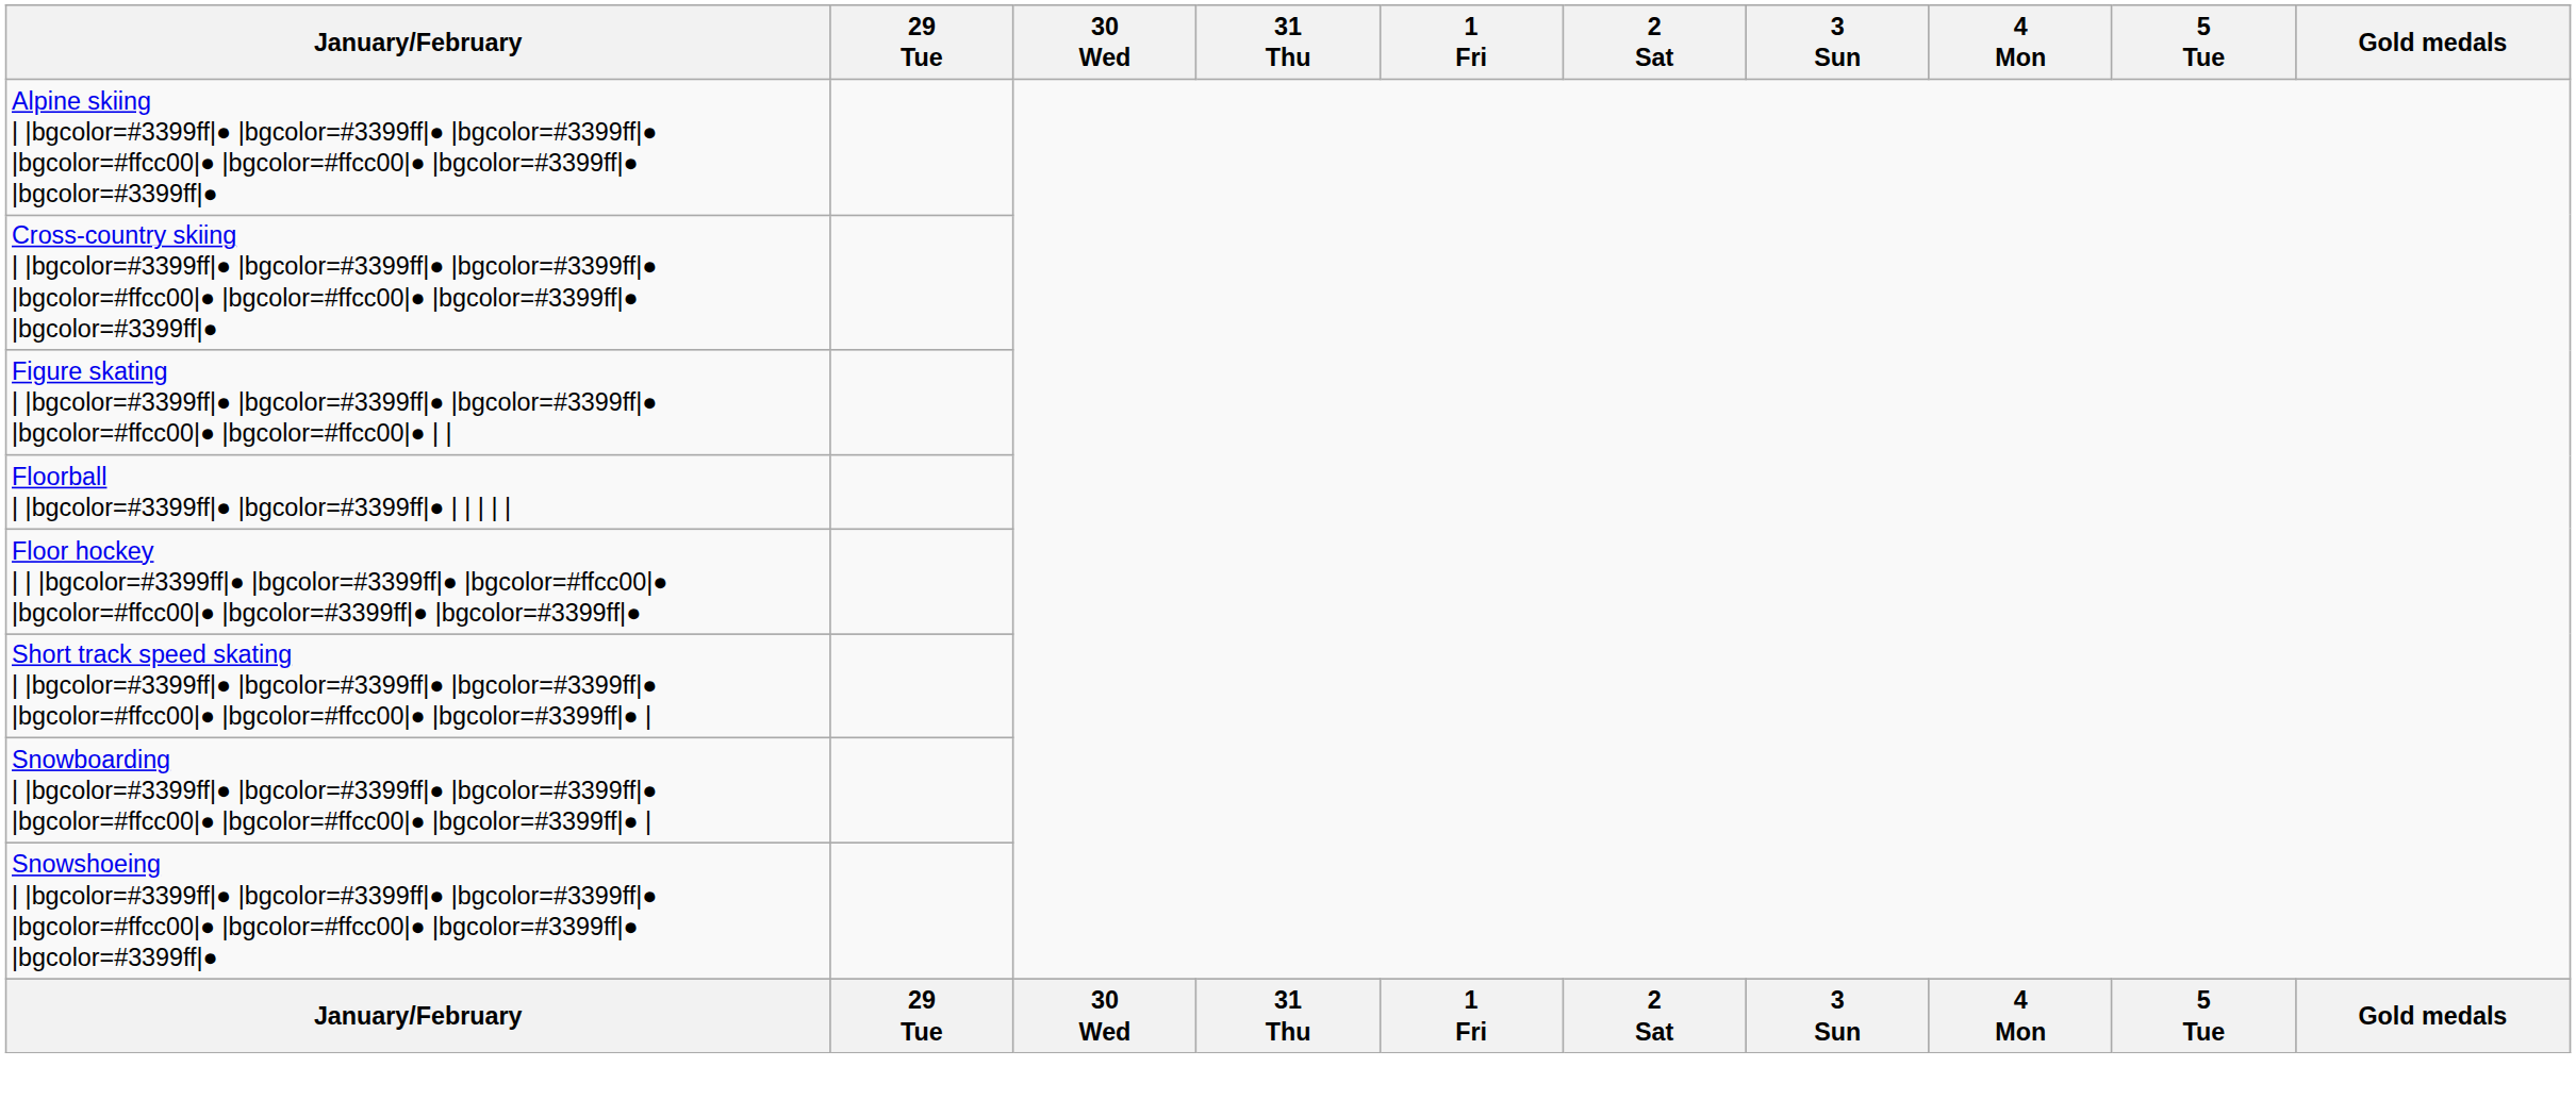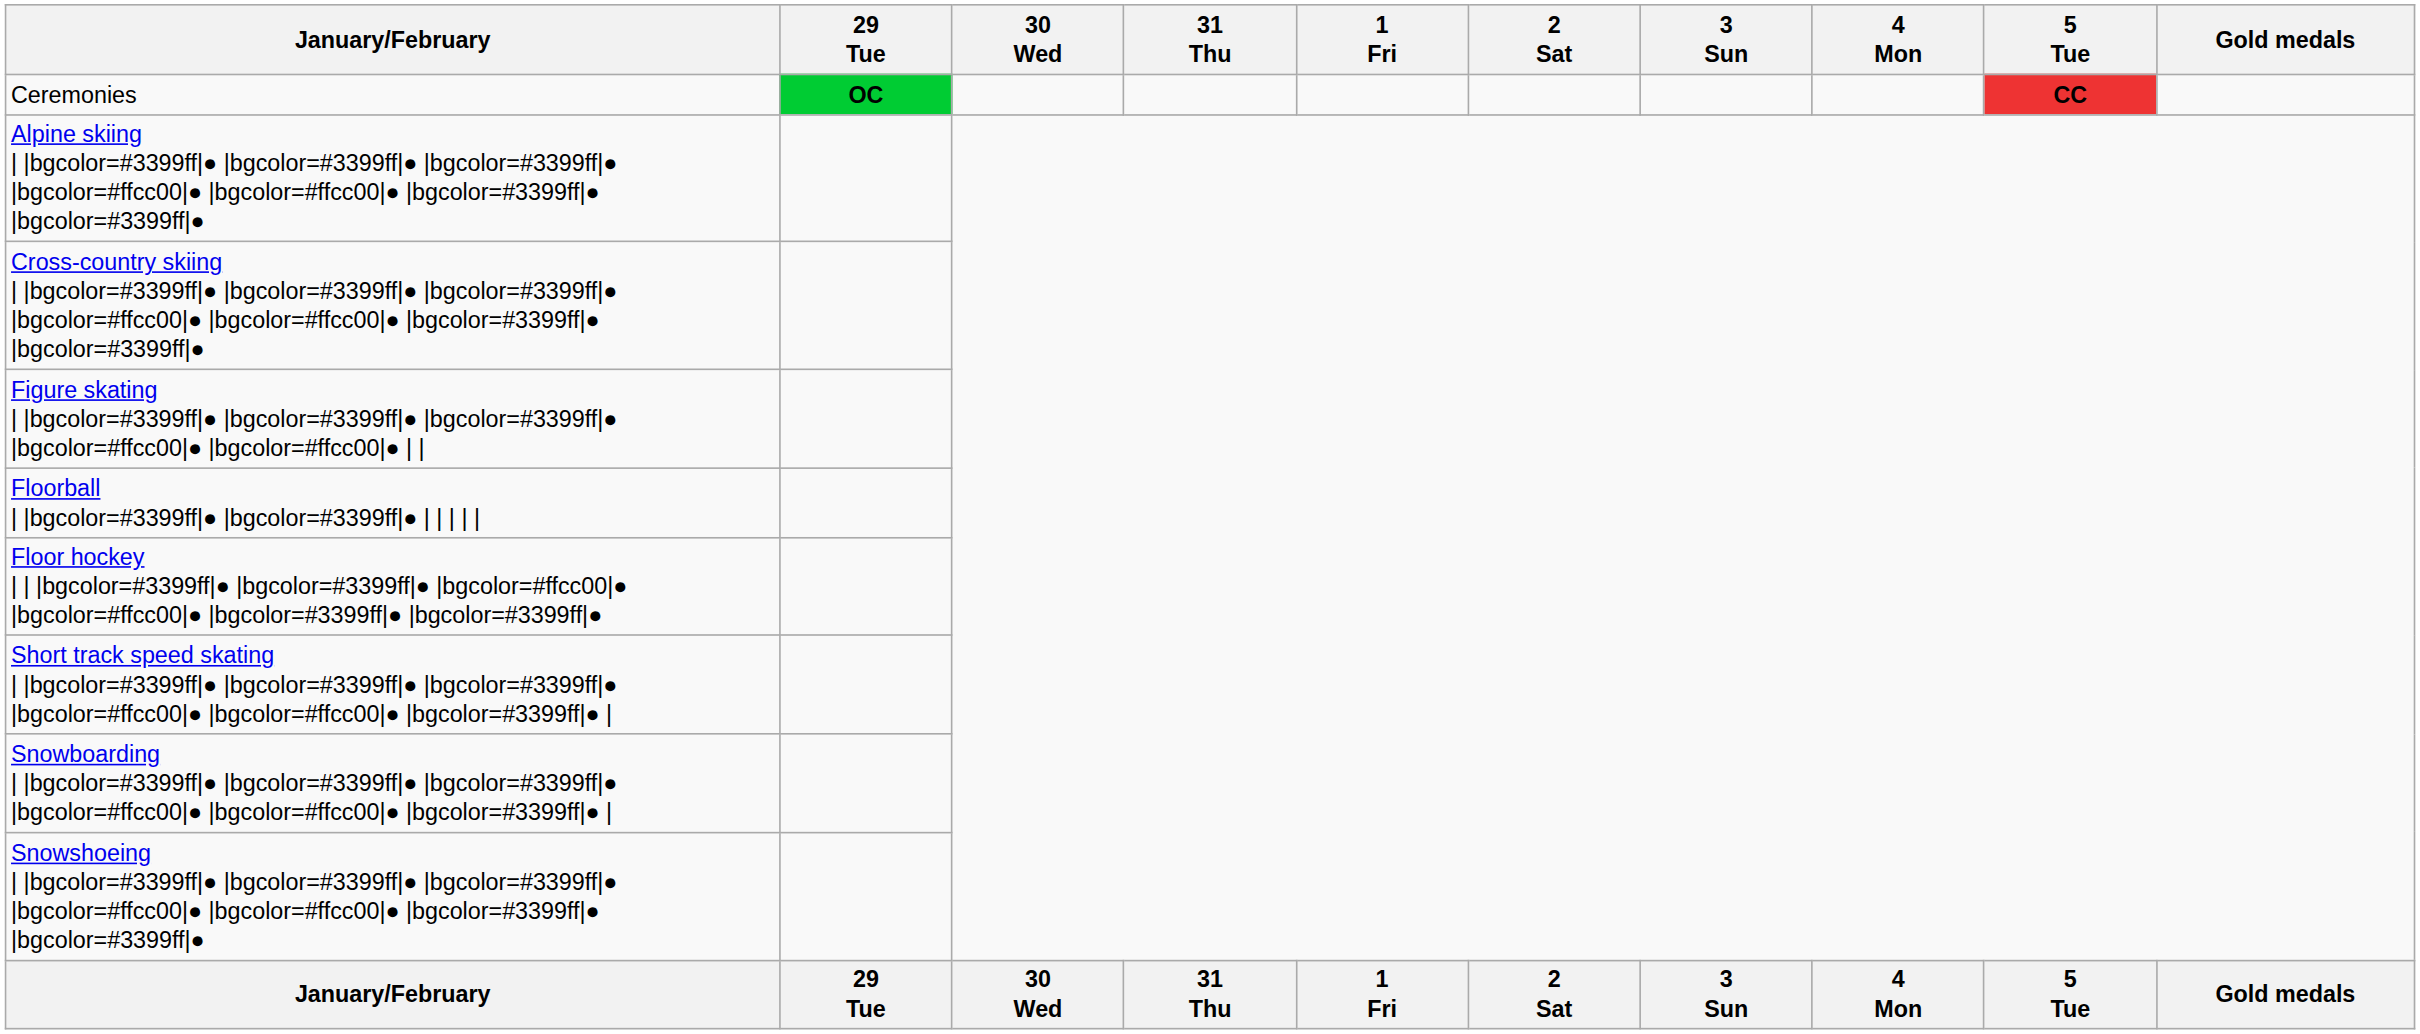 <table class="wikitable" style="margin:0.5em auto; font-size:90%; line-height:1.25em;width:75%;">
 <tr>
 <th style="width:18%;">January/February</th>
 <th style="width:4%;">29<br>Tue</th>
 <th style="width:4%;">30<br>Wed</th>
 <th style="width:4%;">31<br>Thu</th>
 <th style="width:4%;">1<br>Fri</th>
 <th style="width:4%;">2<br>Sat</th>
 <th style="width:4%;">3<br>Sun</th>
 <th style="width:4%;">4<br>Mon</th>
 <th style="width:4%;">5<br>Tue</th>
 <th style="width:6%;">Gold medals</th>
+</tr>
+<tr>
+<td align="left"> Ceremonies</td>
+<td style="background:#0c3; text-align:center;"><strong>OC</strong></td>
+<td></td>
+<td></td>
+<td></td>
+<td></td>
+<td></td>
+<td></td>
+<td style="background:#e33; text-align:center;"><strong>CC</strong></td>
+<td></td>
 </tr>
 <tr style="text-align:center;">
 <td align="left"><a href='#'>Alpine skiing</a><br>| |bgcolor=#3399ff|● |bgcolor=#3399ff|● |bgcolor=#3399ff|● |bgcolor=#ffcc00|● |bgcolor=#ffcc00|● |bgcolor=#3399ff|● |bgcolor=#3399ff|●</td>
 <td><strong></strong></td>
 </tr>
 <tr style="text-align:center;">
 <td align="left"><a href='#'>Cross-country skiing</a><br>| |bgcolor=#3399ff|● |bgcolor=#3399ff|● |bgcolor=#3399ff|● |bgcolor=#ffcc00|● |bgcolor=#ffcc00|● |bgcolor=#3399ff|● |bgcolor=#3399ff|●</td>
 <td><strong></strong></td>
 </tr>
 <tr style="text-align:center;">
 <td align="left"><a href='#'>Figure skating</a><br>| |bgcolor=#3399ff|● |bgcolor=#3399ff|● |bgcolor=#3399ff|● |bgcolor=#ffcc00|● |bgcolor=#ffcc00|● | |</td>
 <td><strong></strong></td>
 </tr>
 <tr style="text-align:center;">
 <td align="left"><a href='#'>Floorball</a><br>| |bgcolor=#3399ff|● |bgcolor=#3399ff|● | | | | |</td>
 <td><strong></strong></td>
 </tr>
 <tr style="text-align:center;">
 <td align="left"><a href='#'>Floor hockey</a><br>| | |bgcolor=#3399ff|● |bgcolor=#3399ff|● |bgcolor=#ffcc00|● |bgcolor=#ffcc00|● |bgcolor=#3399ff|● |bgcolor=#3399ff|●</td>
 <td><strong></strong></td>
 </tr>
 <tr style="text-align:center;">
 <td align="left"><a href='#'>Short track speed skating</a><br>| |bgcolor=#3399ff|● |bgcolor=#3399ff|● |bgcolor=#3399ff|● |bgcolor=#ffcc00|● |bgcolor=#ffcc00|● |bgcolor=#3399ff|● |</td>
 <td><strong></strong></td>
 </tr>
 <tr style="text-align:center;">
 <td align="left"><a href='#'>Snowboarding</a><br>| |bgcolor=#3399ff|● |bgcolor=#3399ff|● |bgcolor=#3399ff|● |bgcolor=#ffcc00|● |bgcolor=#ffcc00|● |bgcolor=#3399ff|● |</td>
 <td><strong></strong></td>
 </tr>
 <tr style="text-align:center;">
 <td align="left"><a href='#'>Snowshoeing</a><br>| |bgcolor=#3399ff|● |bgcolor=#3399ff|● |bgcolor=#3399ff|● |bgcolor=#ffcc00|● |bgcolor=#ffcc00|● |bgcolor=#3399ff|● |bgcolor=#3399ff|●</td>
 <td><strong></strong></td>
 </tr>
 <tr>
 <th>January/February</th>
 <th>29<br>Tue</th>
 <th>30<br>Wed</th>
 <th>31<br>Thu</th>
 <th>1<br>Fri</th>
 <th>2<br>Sat</th>
 <th>3<br>Sun</th>
 <th>4<br>Mon</th>
 <th>5<br>Tue</th>
 <th>Gold medals</th>
 </tr>
 </table>
